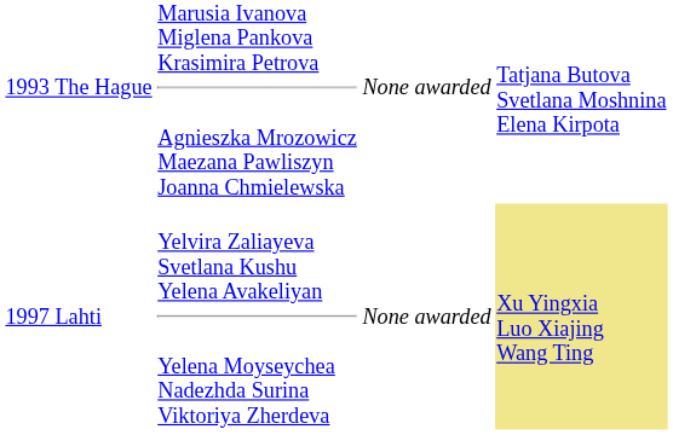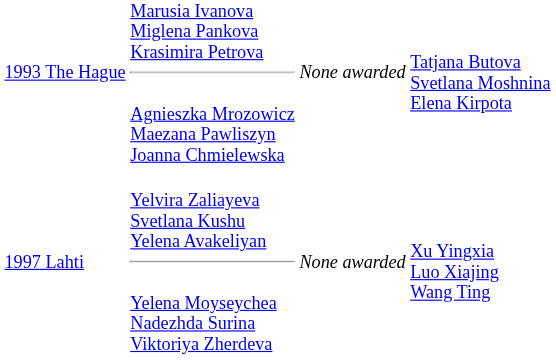 <table>
 <tr>
 <td><a href='#'>1993 The Hague</a></td>
 <td><br><a href='#'>Marusia Ivanova</a><br><a href='#'>Miglena Pankova</a><br><a href='#'>Krasimira Petrova</a><hr><br><a href='#'>Agnieszka Mrozowicz</a> <br><a href='#'>Maezana Pawliszyn</a><br><a href='#'>Joanna Chmielewska</a></td>
 <td><em>None awarded</em></td>
 <td><br><a href='#'>Tatjana Butova</a><br><a href='#'>Svetlana Moshnina</a><br><a href='#'>Elena Kirpota</a></td>
 </tr>
 <tr>
 <td><a href='#'>1997 Lahti</a></td>
 <td><br><a href='#'>Yelvira Zaliayeva</a><br><a href='#'>Svetlana Kushu</a><br><a href='#'>Yelena Avakeliyan</a><hr><br><a href='#'>Yelena Moyseychea</a><br><a href='#'>Nadezhda Surina</a><br><a href='#'>Viktoriya Zherdeva</a></td>
 <td><em>None awarded</em></td>
-<td style="background: khaki;"><br><a href='#'>Xu Yingxia</a><br><a href='#'>Luo Xiajing</a><br><a href='#'>Wang Ting</a></td>
+<td><br><a href='#'>Xu Yingxia</a><br><a href='#'>Luo Xiajing</a><br><a href='#'>Wang Ting</a></td>
 </tr>
 </table>
